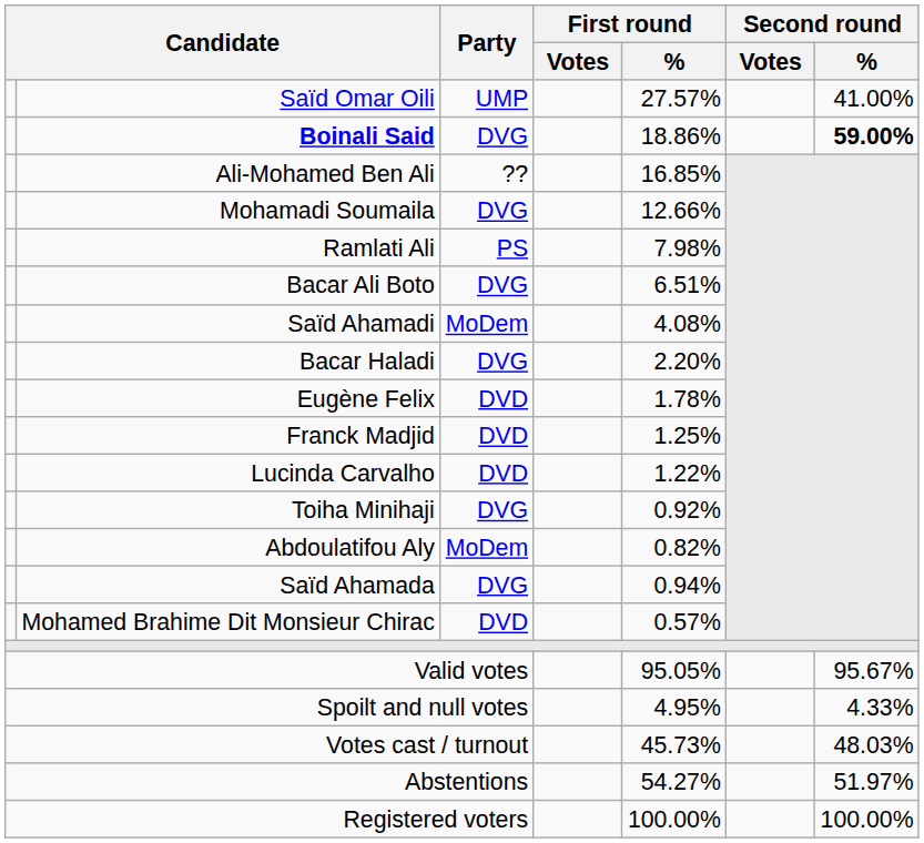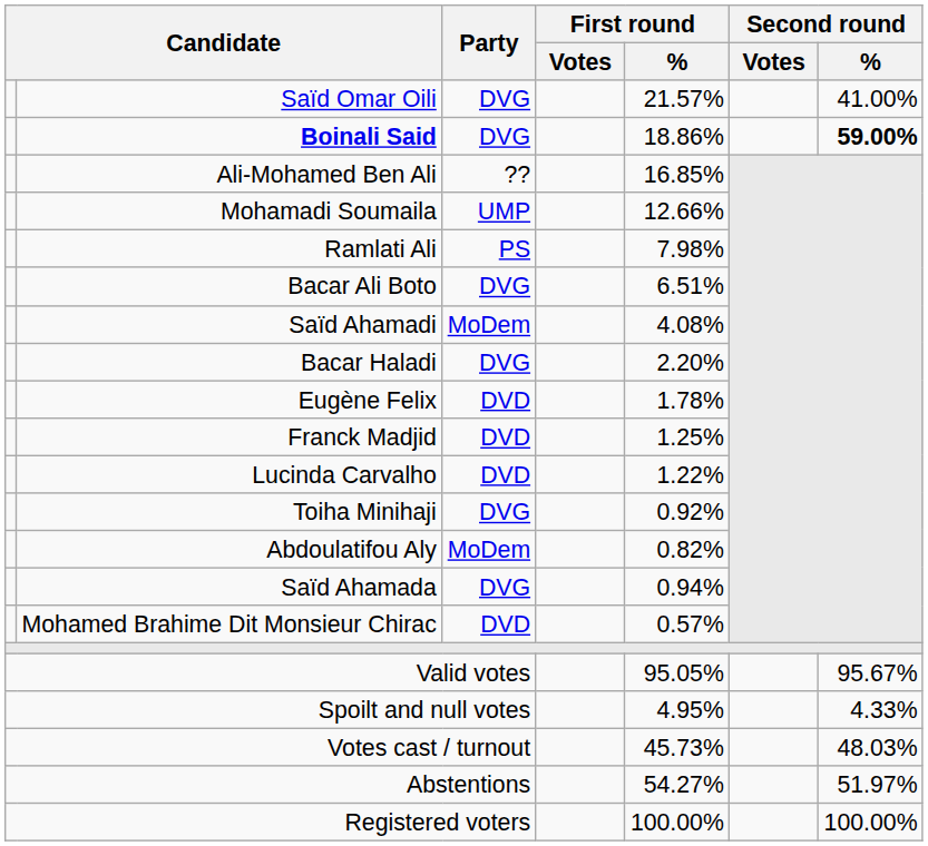 <table class="wikitable" style="text-align:right;font-size:95%;">
 <tr>
 <th rowspan=2 colspan=2>Candidate</th>
 <th rowspan=2 colspan=1>Party</th>
 <th colspan=2>First round</th>
 <th colspan=2>Second round</th>
 </tr>
 <tr>
 <th style="width:50px;">Votes</th>
 <th style="width:55px;">%</th>
 <th style="width:50px;">Votes</th>
 <th style="width:55px;">%</th>
 </tr>
 <tr>
 <td style="color:inherit;background-color:"></td>
 <td><a href='#'>Saïd Omar Oili</a></td>
-<td><a href='#'>UMP</a></td>
+<td><a href='#'>DVG</a></td>
 <td></td>
-<td>27.57%</td>
+<td>21.57%</td>
 <td></td>
 <td>41.00%</td>
 </tr>
 <tr>
 <td style="color:inherit;background-color:"></td>
 <td><strong><a href='#'>Boinali Said</a></strong></td>
 <td><a href='#'>DVG</a></td>
 <td></td>
 <td>18.86%</td>
 <td><strong></strong></td>
 <td><strong>59.00%</strong></td>
 </tr>
 <tr>
 <td style="background-color:;"></td>
 <td>Ali-Mohamed Ben Ali</td>
 <td>??</td>
 <td></td>
 <td>16.85%</td>
 <td colspan=7 rowspan=13 style="background-color:#E9E9E9;"></td>
 </tr>
 <tr>
 <td style="color:inherit;background-color:"></td>
 <td>Mohamadi Soumaila</td>
-<td><a href='#'>DVG</a></td>
+<td><a href='#'>UMP</a></td>
 <td></td>
 <td>12.66%</td>
 </tr>
 <tr>
 <td style="color:inherit;background-color:"></td>
 <td>Ramlati Ali</td>
 <td><a href='#'>PS</a></td>
 <td></td>
 <td>7.98%</td>
 </tr>
 <tr>
 <td style="color:inherit;background-color:"></td>
 <td>Bacar Ali Boto</td>
 <td><a href='#'>DVG</a></td>
 <td></td>
 <td>6.51%</td>
 </tr>
 <tr>
 <td style="color:inherit;background-color:"></td>
 <td>Saïd Ahamadi</td>
 <td><a href='#'>MoDem</a></td>
 <td></td>
 <td>4.08%</td>
 </tr>
 <tr>
 <td style="color:inherit;background-color:"></td>
 <td>Bacar Haladi</td>
 <td><a href='#'>DVG</a></td>
 <td></td>
 <td>2.20%</td>
 </tr>
 <tr>
 <td style="color:inherit;background-color:"></td>
 <td>Eugène Felix</td>
 <td><a href='#'>DVD</a></td>
 <td></td>
 <td>1.78%</td>
 </tr>
 <tr>
 <td style="color:inherit;background-color:"></td>
 <td>Franck Madjid</td>
 <td><a href='#'>DVD</a></td>
 <td></td>
 <td>1.25%</td>
 </tr>
 <tr>
 <td style="color:inherit;background-color:"></td>
 <td>Lucinda Carvalho</td>
 <td><a href='#'>DVD</a></td>
 <td></td>
 <td>1.22%</td>
 </tr>
 <tr>
 <td style="color:inherit;background-color:"></td>
 <td>Toiha Minihaji</td>
 <td><a href='#'>DVG</a></td>
 <td></td>
 <td>0.92%</td>
 </tr>
 <tr>
 <td style="color:inherit;background-color:"></td>
 <td>Abdoulatifou Aly</td>
 <td><a href='#'>MoDem</a></td>
 <td></td>
 <td>0.82%</td>
 </tr>
 <tr>
 <td style="color:inherit;background-color:"></td>
 <td>Saïd Ahamada</td>
 <td><a href='#'>DVG</a></td>
 <td></td>
 <td>0.94%</td>
 </tr>
 <tr>
 <td style="color:inherit;background-color:"></td>
 <td>Mohamed Brahime Dit Monsieur Chirac</td>
 <td><a href='#'>DVD</a></td>
 <td></td>
 <td>0.57%</td>
 </tr>
 <tr>
 <td colspan=7 style="background-color:#E9E9E9;"></td>
 </tr>
 <tr>
 <td colspan=3>Valid votes</td>
 <td></td>
 <td>95.05%</td>
 <td></td>
 <td>95.67%</td>
 </tr>
 <tr>
 <td colspan=3>Spoilt and null votes</td>
 <td></td>
 <td>4.95%</td>
 <td></td>
 <td>4.33%</td>
 </tr>
 <tr>
 <td colspan=3>Votes cast / turnout</td>
 <td></td>
 <td>45.73%</td>
 <td></td>
 <td>48.03%</td>
 </tr>
 <tr>
 <td colspan=3>Abstentions</td>
 <td></td>
 <td>54.27%</td>
 <td></td>
 <td>51.97%</td>
 </tr>
 <tr>
 <td colspan=3>Registered voters</td>
 <td></td>
 <td>100.00%</td>
 <td></td>
 <td>100.00%</td>
 </tr>
 </table>
